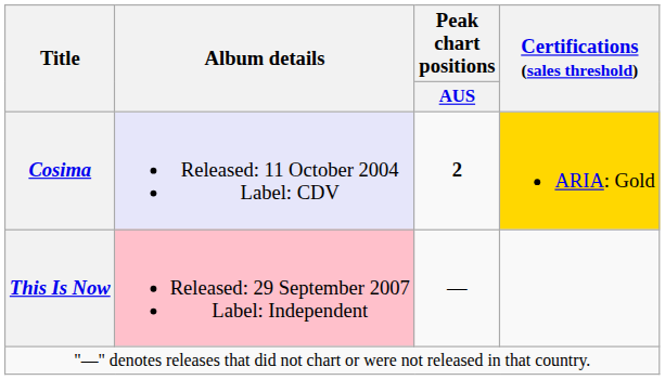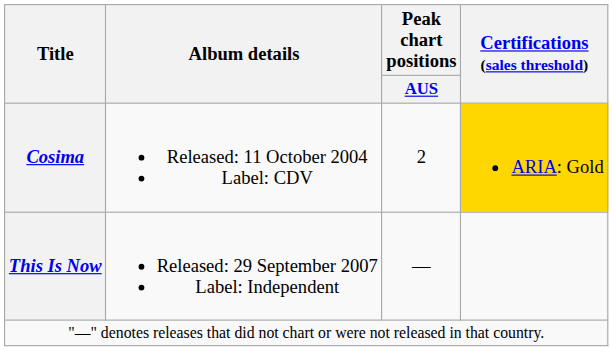 <table class="wikitable plainrowheaders" style="text-align:center;">
 <tr>
 <th scope="col" rowspan="2">Title</th>
 <th scope="col" rowspan="2">Album details</th>
 <th scope="col" colspan="1">Peak chart positions</th>
 <th scope="col" rowspan="2"><a href='#'>Certifications</a><br><small>(<a href='#'>sales threshold</a>)</small></th>
 </tr>
 <tr>
 <th scope="col" style="width:3em;font-size:90%"><a href='#'>AUS</a><br></th>
 </tr>
 <tr>
 <th scope="row"><em><a href='#'>Cosima</a></em></th>
-<td style="background: lavender;"><br><ul><li>Released: 11 October 2004</li><li>Label: CDV</li></ul></td>
-<td><strong>2</strong></td>
+<td><br><ul><li>Released: 11 October 2004</li><li>Label: CDV</li></ul></td>
+<td>2</td>
 <td style="background: gold;"><br><ul><li><a href='#'>ARIA</a>: Gold</li></ul></td>
 </tr>
 <tr>
 <th scope="row"><em><a href='#'>This Is Now</a></em></th>
-<td style="background: pink;"><br><ul><li>Released: 29 September 2007</li><li>Label: Independent</li></ul></td>
+<td><br><ul><li>Released: 29 September 2007</li><li>Label: Independent</li></ul></td>
 <td>—</td>
 <td></td>
 </tr>
 <tr>
 <td colspan="8" style="font-size:85%">"—" denotes releases that did not chart or were not released in that country.</td>
 </tr>
 </table>
